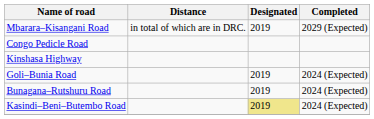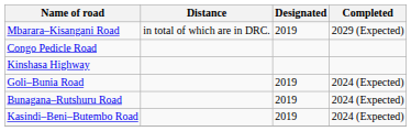 <table class="wikitable sortable" style="margin: 0.5em auto">
 <tr>
 <th>Name of road</th>
 <th>Distance</th>
 <th>Designated</th>
 <th>Completed</th>
 </tr>
 <tr>
 <td><a href='#'>Mbarara–Kisangani Road</a></td>
 <td> in total of which  are in DRC.</td>
 <td>2019</td>
 <td>2029 (Expected)</td>
 </tr>
 <tr>
 <td><a href='#'>Congo Pedicle Road</a></td>
 <td></td>
 <td></td>
 <td></td>
 </tr>
 <tr>
 <td><a href='#'>Kinshasa Highway</a></td>
 <td></td>
 <td></td>
 <td></td>
 </tr>
 <tr>
 <td><a href='#'>Goli–Bunia Road</a></td>
 <td></td>
 <td>2019</td>
 <td>2024 (Expected)</td>
 </tr>
 <tr>
 <td><a href='#'>Bunagana–Rutshuru Road</a></td>
 <td></td>
 <td>2019</td>
 <td>2024 (Expected)</td>
 </tr>
 <tr>
 <td><a href='#'>Kasindi–Beni–Butembo Road</a></td>
 <td></td>
-<td style="background: khaki;">2019</td>
+<td>2019</td>
 <td>2024 (Expected)</td>
 </tr>
 <tr>
 </tr>
 </table>
